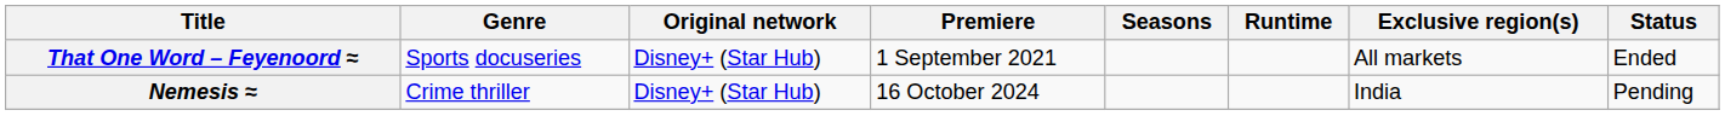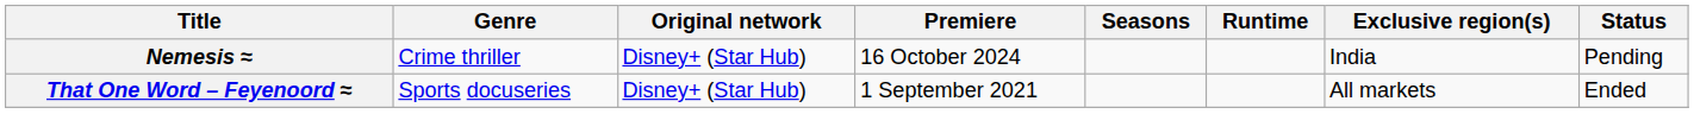 <table class="wikitable plainrowheaders sortable" style="width:99%;">
 <tr>
 <th>Title</th>
 <th>Genre</th>
 <th>Original network</th>
 <th>Premiere</th>
 <th>Seasons</th>
 <th>Runtime</th>
 <th>Exclusive region(s)</th>
 <th>Status</th>
 </tr>
 <tr>
+<th scope="row"><em>Nemesis</em> <strong>≈</strong></th>
+<td><a href='#'>Crime thriller</a></td>
+<td><a href='#'>Disney+</a> (<a href='#'>Star Hub</a>)</td>
+<td>16 October 2024</td>
+<td></td>
+<td></td>
+<td>India</td>
+<td>Pending</td>
+</tr>
+<tr>
 <th scope="row"><em><a href='#'>That One Word – Feyenoord</a></em> <strong>≈</strong></th>
 <td><a href='#'>Sports</a> <a href='#'>docuseries</a></td>
 <td><a href='#'>Disney+</a> (<a href='#'>Star Hub</a>)</td>
 <td>1 September 2021</td>
 <td></td>
 <td></td>
 <td>All markets</td>
 <td>Ended</td>
 </tr>
 <tr>
-<th scope="row"><em>Nemesis</em> <strong>≈</strong></th>
-<td><a href='#'>Crime thriller</a></td>
-<td><a href='#'>Disney+</a> (<a href='#'>Star Hub</a>)</td>
-<td>16 October 2024</td>
-<td></td>
-<td></td>
-<td>India</td>
-<td>Pending</td>
-</tr>
-<tr>
 </tr>
 </table>
